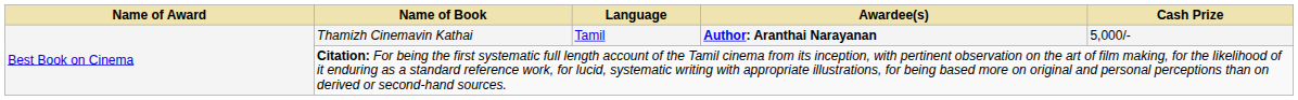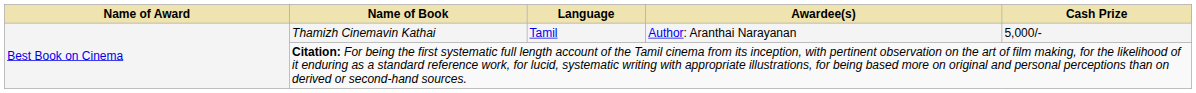 <table class="wikitable" style="width:100%;">
 <tr>
 <th style="background-color:#EFE4B0;width:24%;">Name of Award</th>
 <th style="background-color:#EFE4B0;width:20%;">Name of Book</th>
 <th style="background-color:#EFE4B0;width:10%;">Language</th>
 <th style="background-color:#EFE4B0;width:30%;">Awardee(s)</th>
 <th style="background-color:#EFE4B0;width:16%;">Cash Prize</th>
 </tr>
 <tr style="background-color:#F4F4F4">
 <td rowspan="2"><a href='#'>Best Book on Cinema</a></td>
 <td><em>Thamizh Cinemavin Kathai</em></td>
 <td><a href='#'>Tamil</a></td>
-<td><strong><a href='#'>Author</a>: Aranthai Narayanan</strong></td>
+<td><a href='#'>Author</a>: Aranthai Narayanan</td>
 <td>5,000/-</td>
 </tr>
 <tr style="background-color:#F9F9F9">
 <td colspan="4"><strong>Citation:</strong> <em>For being the first systematic full length account of the Tamil cinema from its inception, with pertinent observation on the art of film making, for the likelihood of it enduring as a standard reference work, for lucid, systematic writing with appropriate illustrations, for being based more on original and personal perceptions than on derived or second-hand sources.</em></td>
 </tr>
 </table>
